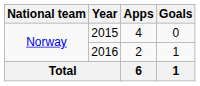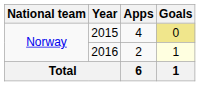 <table class="wikitable" style="text-align: center;">
 <tr>
 <th>National team</th>
 <th>Year</th>
 <th>Apps</th>
 <th>Goals</th>
 </tr>
 <tr>
 <td rowspan=2><a href='#'>Norway</a></td>
 <td>2015</td>
 <td>4</td>
-<td>0</td>
+<td style="background: khaki;">0</td>
 </tr>
 <tr>
 <td>2016</td>
 <td>2</td>
-<td>1</td>
+<td style="background: lightyellow;">1</td>
 </tr>
 <tr>
 <th colspan=2>Total</th>
 <th>6</th>
 <th>1</th>
 </tr>
 </table>
